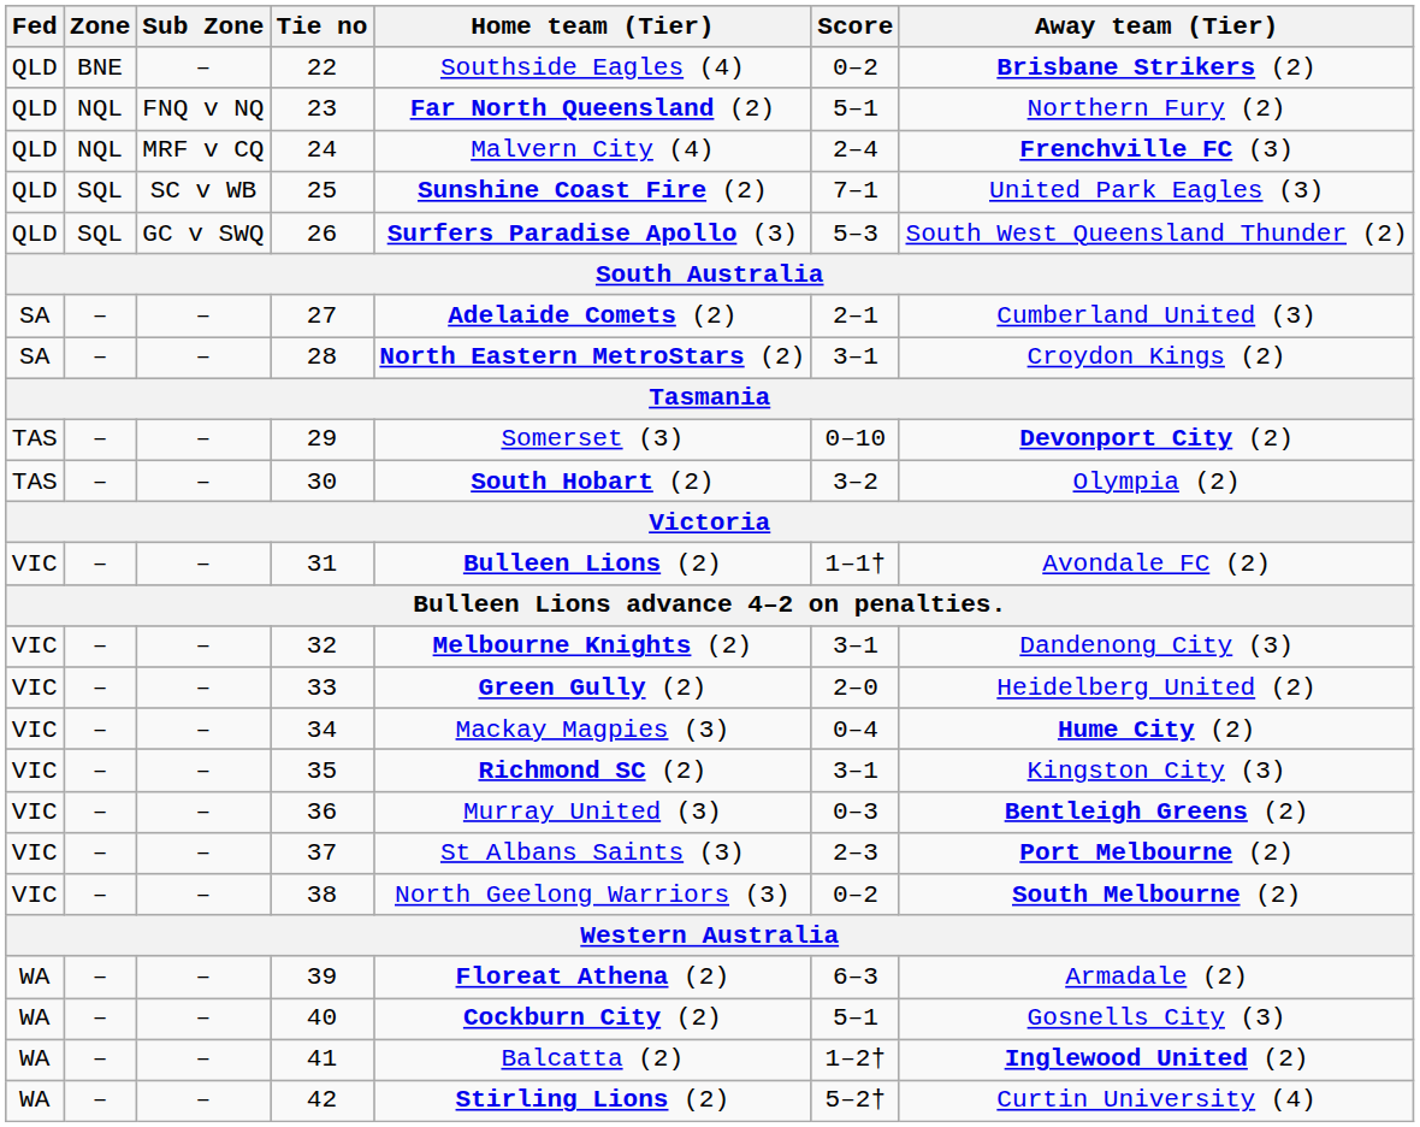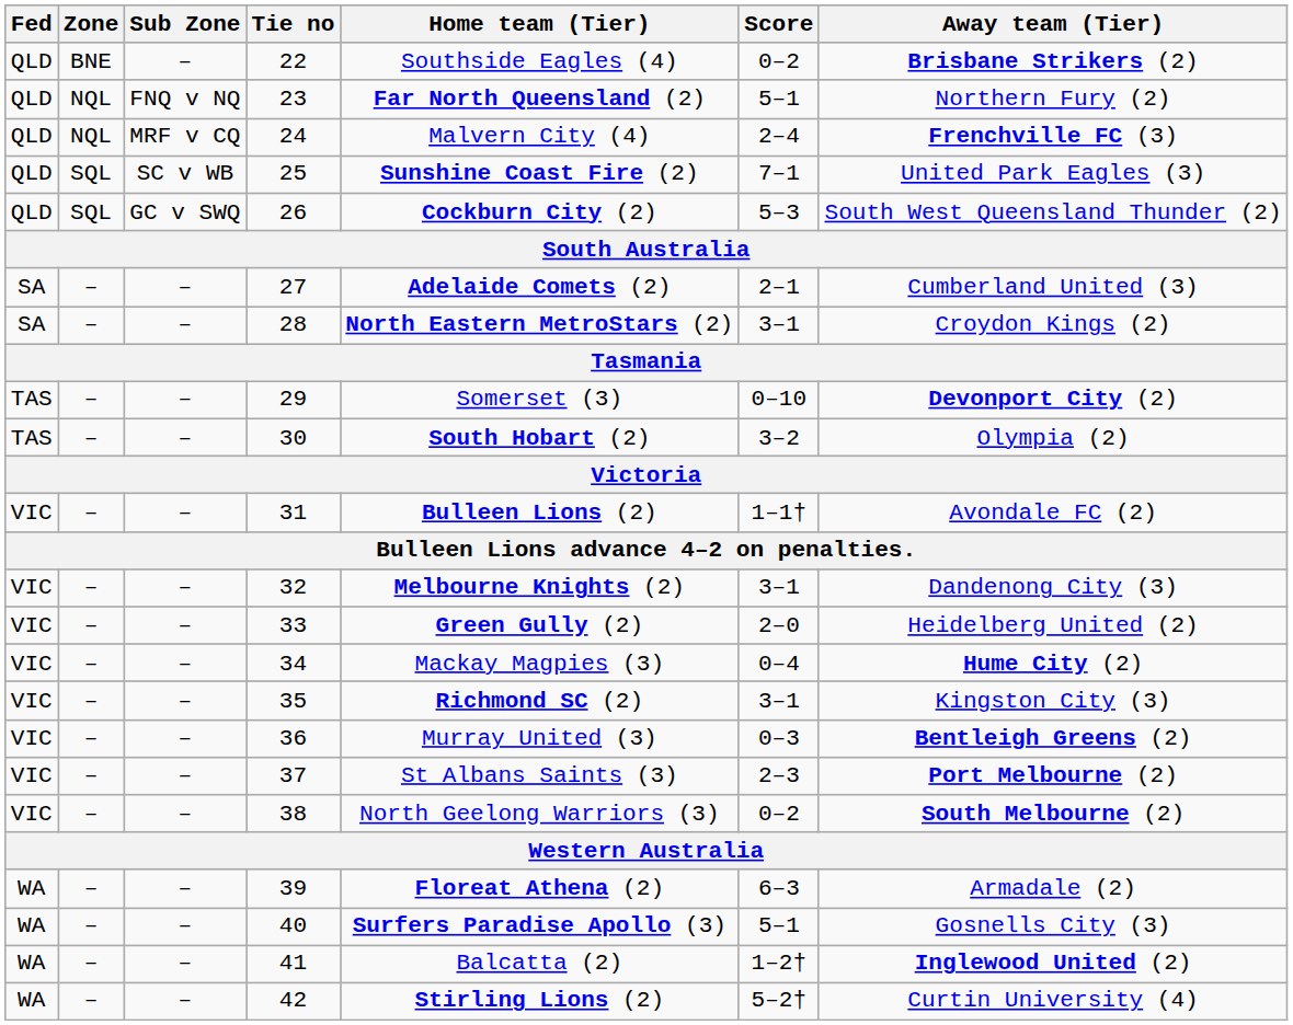 <table class="wikitable" style="text-align:center">
 <tr>
 <th>Fed</th>
 <th>Zone</th>
 <th>Sub Zone</th>
 <th>Tie no</th>
 <th>Home team (Tier)</th>
 <th>Score</th>
 <th>Away team (Tier)</th>
 </tr>
 <tr>
 <td>QLD</td>
 <td>BNE</td>
 <td>–</td>
 <td>22</td>
 <td><a href='#'>Southside Eagles</a> (4)</td>
 <td>0–2</td>
 <td><strong><a href='#'>Brisbane Strikers</a></strong> (2)</td>
 </tr>
 <tr>
 <td>QLD</td>
 <td>NQL</td>
 <td>FNQ v NQ</td>
 <td>23</td>
 <td><strong><a href='#'>Far North Queensland</a></strong> (2)</td>
 <td>5–1</td>
 <td><a href='#'>Northern Fury</a> (2)</td>
 </tr>
 <tr>
 <td>QLD</td>
 <td>NQL</td>
 <td>MRF v CQ</td>
 <td>24</td>
 <td><a href='#'>Malvern City</a> (4)</td>
 <td>2–4</td>
 <td><strong><a href='#'>Frenchville FC</a></strong> (3)</td>
 </tr>
 <tr>
 <td>QLD</td>
 <td>SQL</td>
 <td>SC v WB</td>
 <td>25</td>
 <td><strong><a href='#'>Sunshine Coast Fire</a></strong> (2)</td>
 <td>7–1</td>
 <td><a href='#'>United Park Eagles</a> (3)</td>
 </tr>
 <tr>
 <td>QLD</td>
 <td>SQL</td>
 <td>GC v SWQ</td>
 <td>26</td>
-<td><strong><a href='#'>Surfers Paradise Apollo</a></strong> (3)</td>
+<td><strong><a href='#'>Cockburn City</a></strong> (2)</td>
 <td>5–3</td>
 <td><a href='#'>South West Queensland Thunder</a> (2)</td>
 </tr>
 <tr>
 <th colspan=7><a href='#'>South Australia</a></th>
 </tr>
 <tr>
 <td>SA</td>
 <td>–</td>
 <td>–</td>
 <td>27</td>
 <td><strong><a href='#'>Adelaide Comets</a></strong> (2)</td>
 <td>2–1</td>
 <td><a href='#'>Cumberland United</a> (3)</td>
 </tr>
 <tr>
 <td>SA</td>
 <td>–</td>
 <td>–</td>
 <td>28</td>
 <td><strong><a href='#'>North Eastern MetroStars</a></strong> (2)</td>
 <td>3–1</td>
 <td><a href='#'>Croydon Kings</a> (2)</td>
 </tr>
 <tr>
 <th colspan=7><a href='#'>Tasmania</a></th>
 </tr>
 <tr>
 <td>TAS</td>
 <td>–</td>
 <td>–</td>
 <td>29</td>
 <td><a href='#'>Somerset</a> (3)</td>
 <td>0–10</td>
 <td><strong><a href='#'>Devonport City</a></strong> (2)</td>
 </tr>
 <tr>
 <td>TAS</td>
 <td>–</td>
 <td>–</td>
 <td>30</td>
 <td><strong><a href='#'>South Hobart</a></strong> (2)</td>
 <td>3–2</td>
 <td><a href='#'>Olympia</a> (2)</td>
 </tr>
 <tr>
 <th colspan=7><a href='#'>Victoria</a></th>
 </tr>
 <tr>
 <td>VIC</td>
 <td>–</td>
 <td>–</td>
 <td>31</td>
 <td><strong><a href='#'>Bulleen Lions</a></strong> (2)</td>
 <td>1–1†</td>
 <td><a href='#'>Avondale FC</a> (2)</td>
 </tr>
 <tr>
 <th colspan=7>Bulleen Lions advance 4–2 on penalties.</th>
 </tr>
 <tr>
 <td>VIC</td>
 <td>–</td>
 <td>–</td>
 <td>32</td>
 <td><strong><a href='#'>Melbourne Knights</a></strong> (2)</td>
 <td>3–1</td>
 <td><a href='#'>Dandenong City</a> (3)</td>
 </tr>
 <tr>
 <td>VIC</td>
 <td>–</td>
 <td>–</td>
 <td>33</td>
 <td><strong><a href='#'>Green Gully</a></strong> (2)</td>
 <td>2–0</td>
 <td><a href='#'>Heidelberg United</a> (2)</td>
 </tr>
 <tr>
 <td>VIC</td>
 <td>–</td>
 <td>–</td>
 <td>34</td>
 <td><a href='#'>Mackay Magpies</a> (3)</td>
 <td>0–4</td>
 <td><strong><a href='#'>Hume City</a></strong> (2)</td>
 </tr>
 <tr>
 <td>VIC</td>
 <td>–</td>
 <td>–</td>
 <td>35</td>
 <td><strong><a href='#'>Richmond SC</a></strong> (2)</td>
 <td>3–1</td>
 <td><a href='#'>Kingston City</a> (3)</td>
 </tr>
 <tr>
 <td>VIC</td>
 <td>–</td>
 <td>–</td>
 <td>36</td>
 <td><a href='#'>Murray United</a> (3)</td>
 <td>0–3</td>
 <td><strong><a href='#'>Bentleigh Greens</a></strong> (2)</td>
 </tr>
 <tr>
 <td>VIC</td>
 <td>–</td>
 <td>–</td>
 <td>37</td>
 <td><a href='#'>St Albans Saints</a> (3)</td>
 <td>2–3</td>
 <td><strong><a href='#'>Port Melbourne</a></strong>  (2)</td>
 </tr>
 <tr>
 <td>VIC</td>
 <td>–</td>
 <td>–</td>
 <td>38</td>
 <td><a href='#'>North Geelong Warriors</a> (3)</td>
 <td>0–2</td>
 <td><strong><a href='#'>South Melbourne</a></strong> (2)</td>
 </tr>
 <tr>
 <th colspan=7><a href='#'>Western Australia</a></th>
 </tr>
 <tr>
 <td>WA</td>
 <td>–</td>
 <td>–</td>
 <td>39</td>
 <td><strong><a href='#'>Floreat Athena</a></strong> (2)</td>
 <td>6–3</td>
 <td><a href='#'>Armadale</a> (2)</td>
 </tr>
 <tr>
 <td>WA</td>
 <td>–</td>
 <td>–</td>
 <td>40</td>
-<td><strong><a href='#'>Cockburn City</a></strong> (2)</td>
+<td><strong><a href='#'>Surfers Paradise Apollo</a></strong> (3)</td>
 <td>5–1</td>
 <td><a href='#'>Gosnells City</a> (3)</td>
 </tr>
 <tr>
 <td>WA</td>
 <td>–</td>
 <td>–</td>
 <td>41</td>
 <td><a href='#'>Balcatta</a> (2)</td>
 <td>1–2†</td>
 <td><strong><a href='#'>Inglewood United</a></strong> (2)</td>
 </tr>
 <tr>
 <td>WA</td>
 <td>–</td>
 <td>–</td>
 <td>42</td>
 <td><strong><a href='#'>Stirling Lions</a></strong> (2)</td>
 <td>5–2†</td>
 <td><a href='#'>Curtin University</a> (4)</td>
 </tr>
 </table>
